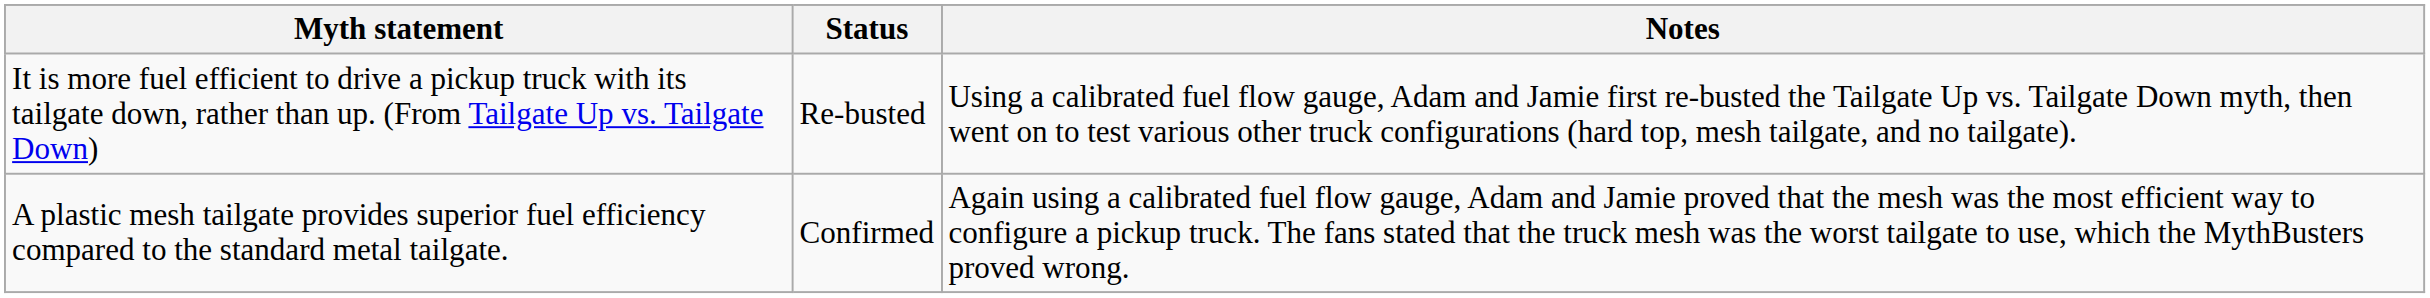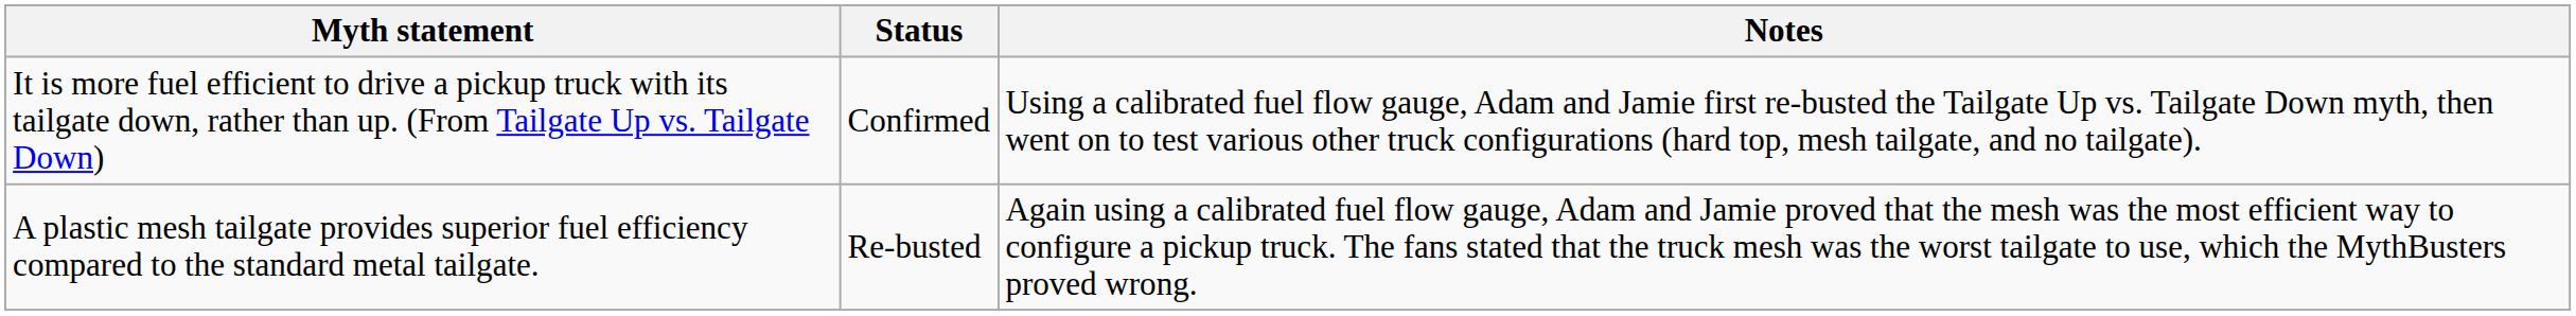 <table class="wikitable plainrowheaders">
 <tr>
 <th>Myth statement</th>
 <th>Status</th>
 <th>Notes</th>
 </tr>
 <tr>
 <td>It is more fuel efficient to drive a pickup truck with its tailgate down, rather than up. (From <a href='#'>Tailgate Up vs. Tailgate Down</a>)</td>
-<td><span>Re-busted</span></td>
+<td><span>Confirmed</span></td>
 <td>Using a calibrated fuel flow gauge, Adam and Jamie first re-busted the Tailgate Up vs. Tailgate Down myth, then went on to test various other truck configurations (hard top, mesh tailgate, and no tailgate).</td>
 </tr>
 <tr>
 <td>A plastic mesh tailgate provides superior fuel efficiency compared to the standard metal tailgate.</td>
-<td><span>Confirmed</span></td>
+<td><span>Re-busted</span></td>
 <td>Again using a calibrated fuel flow gauge, Adam and Jamie proved that the mesh was the most efficient way to configure a pickup truck. The fans stated that the truck mesh was the worst tailgate to use, which the MythBusters proved wrong.</td>
 </tr>
 </table>
